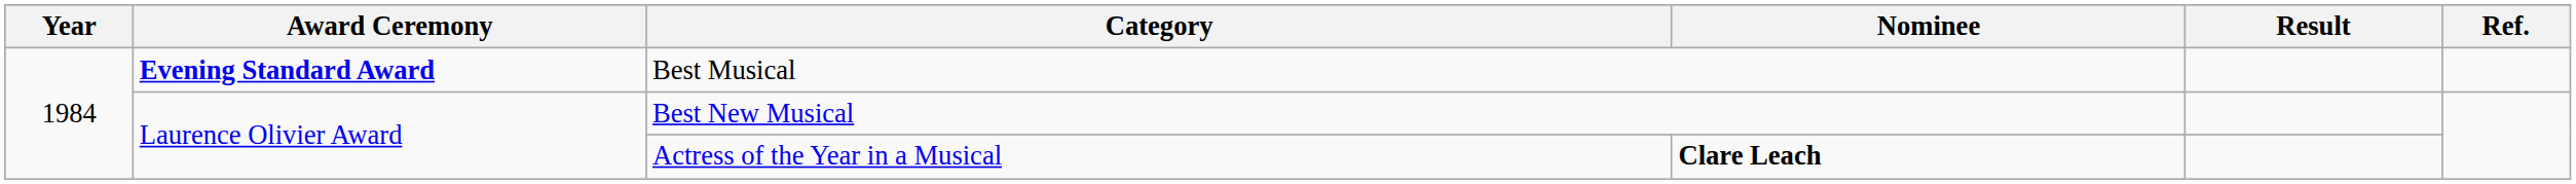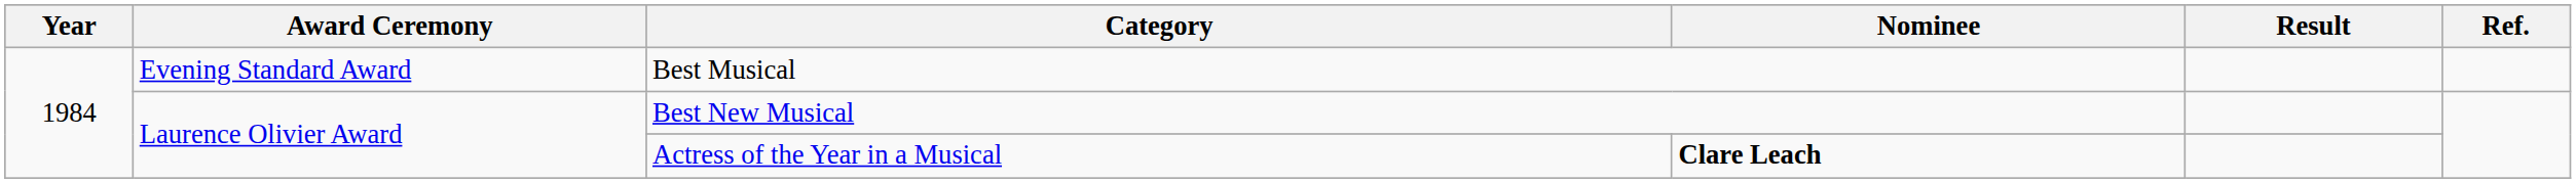 <table class="wikitable" width="95%">
 <tr>
 <th width="5%">Year</th>
 <th width="20%">Award Ceremony</th>
 <th width="40%">Category</th>
 <th width="20%">Nominee</th>
 <th width="10%">Result</th>
 <th width="5%">Ref.</th>
 </tr>
 <tr>
 <td rowspan="3" align="center">1984</td>
-<td><strong><a href='#'>Evening Standard Award</a></strong></td>
+<td><a href='#'>Evening Standard Award</a></td>
 <td colspan="2">Best Musical</td>
 <td></td>
 <td align="center"></td>
 </tr>
 <tr>
 <td rowspan="2"><a href='#'>Laurence Olivier Award</a></td>
 <td colspan="2"><a href='#'>Best New Musical</a></td>
 <td></td>
 <td rowspan="2" align="center"></td>
 </tr>
 <tr>
 <td><a href='#'>Actress of the Year in a Musical</a></td>
 <td><strong>Clare Leach</strong></td>
 <td></td>
 </tr>
 </table>
